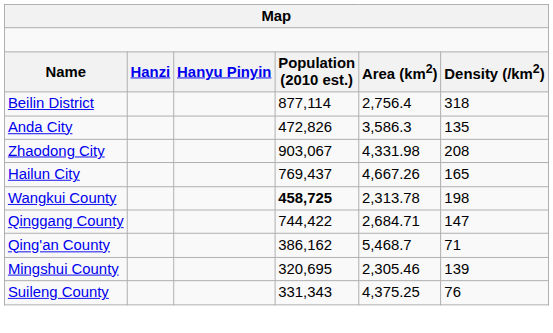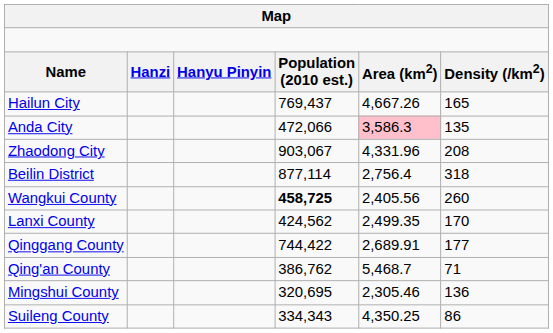 <table class="wikitable" style="font-size:100%;" align=center>
 <tr>
 <th colspan=6>Map</th>
 </tr>
 <tr>
 <td colspan=6><div><br>             </div></td>
 </tr>
 <tr>
 <th>Name</th>
 <th><a href='#'>Hanzi</a></th>
 <th><a href='#'>Hanyu Pinyin</a></th>
 <th>Population<br>(2010 est.)</th>
 <th>Area (km<sup>2</sup>)</th>
 <th>Density (/km<sup>2</sup>)</th>
 </tr>
 <tr --------->
+<td><a href='#'>Hailun City</a></td>
+<td></td>
+<td></td>
+<td>769,437</td>
+<td>4,667.26</td>
+<td>165</td>
+</tr>
+<tr --------->
+<td><a href='#'>Anda City</a></td>
+<td></td>
+<td></td>
+<td>472,066</td>
+<td style="background: pink;">3,586.3</td>
+<td>135</td>
+</tr>
+<tr --------->
+<td><a href='#'>Zhaodong City</a></td>
+<td></td>
+<td></td>
+<td>903,067</td>
+<td>4,331.96</td>
+<td>208</td>
+</tr>
+<tr --------->
 <td><a href='#'>Beilin District</a></td>
 <td></td>
 <td></td>
 <td>877,114</td>
 <td>2,756.4</td>
 <td>318</td>
 </tr>
 <tr --------->
-<td><a href='#'>Anda City</a></td>
-<td></td>
-<td></td>
-<td>472,826</td>
-<td>3,586.3</td>
-<td>135</td>
-</tr>
-<tr --------->
-<td><a href='#'>Zhaodong City</a></td>
-<td></td>
-<td></td>
-<td>903,067</td>
-<td>4,331.98</td>
-<td>208</td>
-</tr>
-<tr --------->
-<td><a href='#'>Hailun City</a></td>
-<td></td>
-<td></td>
-<td>769,437</td>
-<td>4,667.26</td>
-<td>165</td>
-</tr>
-<tr --------->
 <td><a href='#'>Wangkui County</a></td>
 <td></td>
 <td></td>
 <td><strong>458,725</strong></td>
-<td>2,313.78</td>
-<td>198</td>
+<td>2,405.56</td>
+<td>260</td>
+</tr>
+<tr --------->
+<td><a href='#'>Lanxi County</a></td>
+<td></td>
+<td></td>
+<td>424,562</td>
+<td>2,499.35</td>
+<td>170</td>
 </tr>
 <tr --------->
 <td><a href='#'>Qinggang County</a></td>
 <td></td>
 <td></td>
 <td>744,422</td>
-<td>2,684.71</td>
-<td>147</td>
+<td>2,689.91</td>
+<td>177</td>
 </tr>
 <tr --------->
 <td><a href='#'>Qing'an County</a></td>
 <td></td>
 <td></td>
-<td>386,162</td>
+<td>386,762</td>
 <td>5,468.7</td>
 <td>71</td>
 </tr>
 <tr --------->
 <td><a href='#'>Mingshui County</a></td>
 <td></td>
 <td></td>
 <td>320,695</td>
 <td>2,305.46</td>
-<td>139</td>
+<td>136</td>
 </tr>
 <tr --------->
 <td><a href='#'>Suileng County</a></td>
 <td></td>
 <td></td>
-<td>331,343</td>
-<td>4,375.25</td>
-<td>76</td>
+<td>334,343</td>
+<td>4,350.25</td>
+<td>86</td>
 </tr>
 </table>
